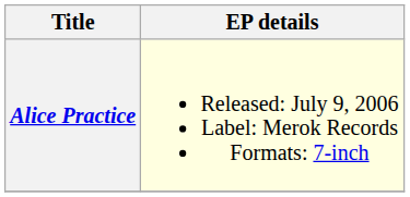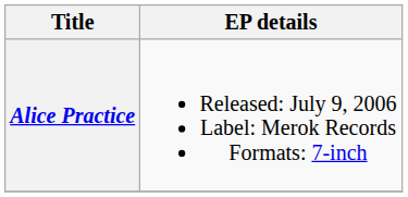 <table class="wikitable plainrowheaders" style="text-align:center;">
 <tr>
 <th scope="col">Title</th>
 <th scope="col">EP details</th>
 </tr>
 <tr>
 <th scope="row"><em><a href='#'>Alice Practice</a></em></th>
-<td style="background: lightyellow;"><br><ul><li>Released: July 9, 2006</li><li>Label: Merok Records</li><li>Formats: <a href='#'>7-inch</a></li></ul></td>
+<td><br><ul><li>Released: July 9, 2006</li><li>Label: Merok Records</li><li>Formats: <a href='#'>7-inch</a></li></ul></td>
 </tr>
 <tr>
 </tr>
 </table>
